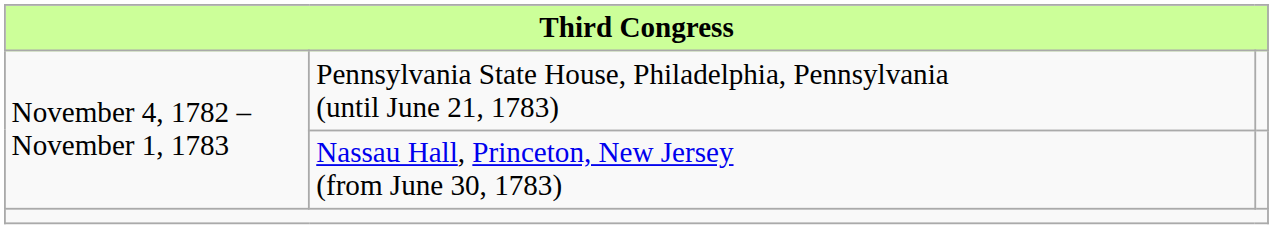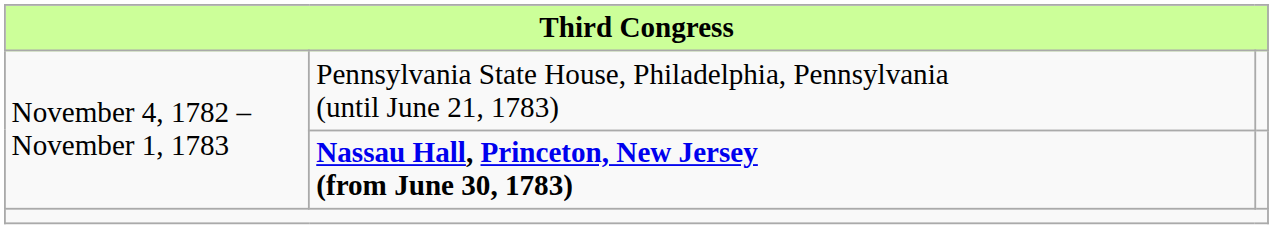 <table class=wikitable>
 <tr>
 <th colspan=3 style="background:#ccff99;">Third Congress</th>
 </tr>
 <tr>
 <td rowspan=2 style="width: 10em;">November 4, 1782 –November 1, 1783</td>
 <td style="width: 32em;">Pennsylvania State House, Philadelphia, Pennsylvania<br>(until June 21, 1783)</td>
 <td></td>
 </tr>
 <tr>
-<td><a href='#'>Nassau Hall</a>, <a href='#'>Princeton, New Jersey</a><br>(from June 30, 1783)</td>
+<td><strong><a href='#'>Nassau Hall</a>, <a href='#'>Princeton, New Jersey</a><br>(from June 30, 1783)</strong></td>
 <td></td>
 </tr>
 <tr>
 <td colspan=3></td>
 </tr>
 </table>
